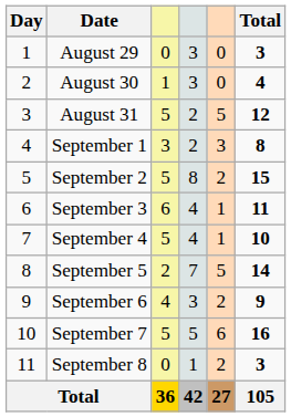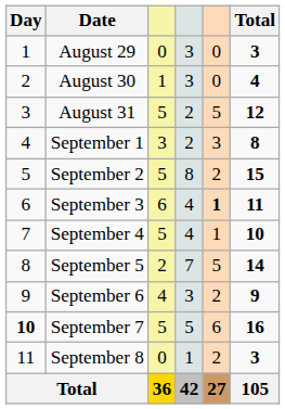 <table class=wikitable style=font-size:85%;float:right;text-align:center>
 <tr>
 <th>Day</th>
 <th>Date</th>
 <td bgcolor=F7F6A8></td>
 <td bgcolor=DCE5E5></td>
 <td bgcolor=FFDAB9></td>
 <th>Total</th>
 </tr>
 <tr>
 <td>1</td>
 <td>August 29</td>
 <td bgcolor=F7F6A8>0</td>
 <td bgcolor=DCE5E5>3</td>
 <td bgcolor=FFDAB9>0</td>
 <td><strong>3</strong></td>
 </tr>
 <tr>
 <td>2</td>
 <td>August 30</td>
 <td bgcolor=F7F6A8>1</td>
 <td bgcolor=DCE5E5>3</td>
 <td bgcolor=FFDAB9>0</td>
 <td><strong>4</strong></td>
 </tr>
 <tr>
 <td>3</td>
 <td>August 31</td>
 <td bgcolor=F7F6A8>5</td>
 <td bgcolor=DCE5E5>2</td>
 <td bgcolor=FFDAB9>5</td>
 <td><strong>12</strong></td>
 </tr>
 <tr>
 <td>4</td>
 <td>September 1</td>
 <td bgcolor=F7F6A8>3</td>
 <td bgcolor=DCE5E5>2</td>
 <td bgcolor=FFDAB9>3</td>
 <td><strong>8</strong></td>
 </tr>
 <tr>
 <td>5</td>
 <td>September 2</td>
 <td bgcolor=F7F6A8>5</td>
 <td bgcolor=DCE5E5>8</td>
 <td bgcolor=FFDAB9>2</td>
 <td><strong>15</strong></td>
 </tr>
 <tr>
 <td>6</td>
 <td>September 3</td>
 <td bgcolor=F7F6A8>6</td>
 <td bgcolor=DCE5E5>4</td>
-<td bgcolor=FFDAB9>1</td>
+<td bgcolor=FFDAB9><strong>1</strong></td>
 <td><strong>11</strong></td>
 </tr>
 <tr>
 <td>7</td>
 <td>September 4</td>
 <td bgcolor=F7F6A8>5</td>
 <td bgcolor=DCE5E5>4</td>
 <td bgcolor=FFDAB9>1</td>
 <td><strong>10</strong></td>
 </tr>
 <tr>
 <td>8</td>
 <td>September 5</td>
 <td bgcolor=F7F6A8>2</td>
 <td bgcolor=DCE5E5>7</td>
 <td bgcolor=FFDAB9>5</td>
 <td><strong>14</strong></td>
 </tr>
 <tr>
 <td>9</td>
 <td>September 6</td>
 <td bgcolor=F7F6A8>4</td>
 <td bgcolor=DCE5E5>3</td>
 <td bgcolor=FFDAB9>2</td>
 <td><strong>9</strong></td>
 </tr>
 <tr>
-<td>10</td>
+<td><strong>10</strong></td>
 <td>September 7</td>
 <td bgcolor=F7F6A8>5</td>
 <td bgcolor=DCE5E5>5</td>
 <td bgcolor=FFDAB9>6</td>
 <td><strong>16</strong></td>
 </tr>
 <tr>
 <td>11</td>
 <td>September 8</td>
 <td bgcolor=F7F6A8>0</td>
 <td bgcolor=DCE5E5>1</td>
 <td bgcolor=FFDAB9>2</td>
 <td><strong>3</strong></td>
 </tr>
 <tr>
 <th colspan=2>Total</th>
 <th style=background:gold>36</th>
 <th style=background:silver>42</th>
 <th style=background:#c96>27</th>
 <th>105</th>
 </tr>
 </table>
